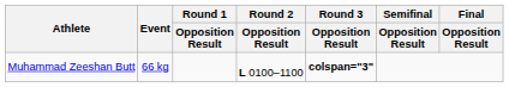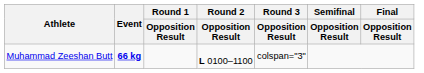 <table class=wikitable style="text-align:center; font-size:90%">
 <tr>
 <th rowspan=2>Athlete</th>
 <th rowspan=2>Event</th>
 <th>Round 1</th>
 <th>Round 2</th>
 <th>Round 3</th>
 <th>Semifinal</th>
 <th>Final</th>
 </tr>
 <tr>
 <th>Opposition<br>Result</th>
 <th>Opposition<br>Result</th>
 <th>Opposition<br>Result</th>
 <th>Opposition<br>Result</th>
 <th>Opposition<br>Result</th>
 </tr>
 <tr>
 <td><a href='#'>Muhammad Zeeshan Butt</a></td>
-<td><a href='#'>66 kg</a></td>
+<td><strong><a href='#'>66 kg</a></strong></td>
 <td></td>
 <td><br><strong>L</strong> 0100–1100</td>
-<td><strong>colspan="3" </strong></td>
+<td>colspan="3" </td>
 </tr>
 </table>
